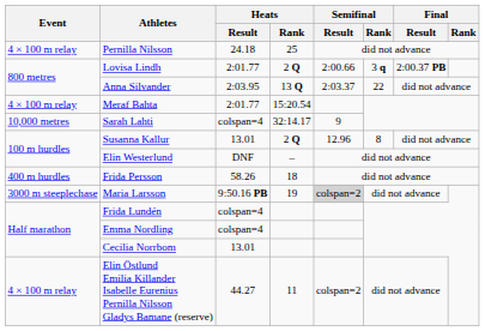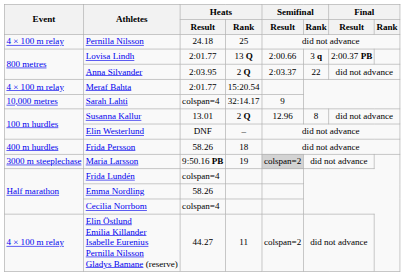 <table class="wikitable" border="1" style="font-size:90%">
 <tr>
 <th rowspan="2">Event</th>
 <th rowspan="2">Athletes</th>
 <th colspan="2">Heats</th>
 <th colspan="2">Semifinal</th>
 <th colspan="2">Final</th>
 </tr>
 <tr>
 <th>Result</th>
 <th>Rank</th>
 <th>Result</th>
 <th>Rank</th>
 <th>Result</th>
 <th>Rank</th>
 </tr>
 <tr>
 <td><a href='#'>4 × 100 m relay</a></td>
 <td><a href='#'>Pernilla Nilsson</a></td>
 <td align=center>24.18</td>
 <td align=center>25</td>
 <td align=center colspan=4>did not advance</td>
 </tr>
 <tr>
 <td rowspan=2><a href='#'>800 metres</a></td>
 <td><a href='#'>Lovisa Lindh</a></td>
 <td align=center>2:01.77</td>
-<td align=center>2 <strong>Q</strong></td>
+<td align=center>13 <strong>Q</strong></td>
 <td align=center>2:00.66</td>
 <td align=center>3 <strong>q</strong></td>
 <td align=center>2:00.37 <strong>PB</strong></td>
 <td align=center></td>
 </tr>
 <tr>
 <td><a href='#'>Anna Silvander</a></td>
 <td align=center>2:03.95</td>
-<td align=center>13 <strong>Q</strong></td>
+<td align=center>2 <strong>Q</strong></td>
 <td align=center>2:03.37</td>
 <td align=center>22</td>
 <td align=center colspan=2>did not advance</td>
 </tr>
 <tr>
 <td><a href='#'>4 × 100 m relay</a></td>
 <td><a href='#'>Meraf Bahta</a></td>
 <td align=center>2:01.77</td>
 <td align=center>15:20.54</td>
 <td align=center></td>
 </tr>
 <tr>
 <td><a href='#'>10,000 metres</a></td>
 <td><a href='#'>Sarah Lahti</a></td>
 <td>colspan=4 </td>
 <td align=center>32:14.17</td>
 <td align=center>9</td>
 </tr>
 <tr>
 <td rowspan=2><a href='#'>100 m hurdles</a></td>
 <td><a href='#'>Susanna Kallur</a></td>
 <td align=center>13.01</td>
 <td align=center>2 <strong>Q</strong></td>
 <td align=center>12.96</td>
 <td align=center>8</td>
 <td align=center colspan=2>did not advance</td>
 </tr>
 <tr>
 <td><a href='#'>Elin Westerlund</a></td>
 <td align=center>DNF</td>
 <td align=center>–</td>
 <td align=center colspan=4>did not advance</td>
 </tr>
 <tr>
 <td><a href='#'>400 m hurdles</a></td>
 <td><a href='#'>Frida Persson</a></td>
 <td align=center>58.26</td>
 <td align=center>18</td>
 <td align=center colspan=4>did not advance</td>
 </tr>
 <tr>
 <td><a href='#'>3000 m steeplechase</a></td>
 <td><a href='#'>Maria Larsson</a></td>
 <td align=center>9:50.16 <strong>PB</strong></td>
 <td align=center>19</td>
 <td style="background: lightgrey;">colspan=2 </td>
 <td align=center colspan=2>did not advance</td>
 </tr>
 <tr>
 <td rowspan=3><a href='#'>Half marathon</a></td>
 <td><a href='#'>Frida Lundén</a></td>
 <td>colspan=4 </td>
 <td align=center></td>
 <td align=center></td>
 </tr>
 <tr>
 <td><a href='#'>Emma Nordling</a></td>
-<td>colspan=4 </td>
+<td align=center>58.26</td>
 <td align=center></td>
 <td align=center></td>
 </tr>
 <tr>
 <td><a href='#'>Cecilia Norrbom</a></td>
-<td align=center>13.01</td>
+<td>colspan=4 </td>
 <td align=center></td>
 <td align=center></td>
 </tr>
 <tr>
 <td><a href='#'>4 × 100 m relay</a></td>
 <td><a href='#'>Elin Östlund</a><br><a href='#'>Emilia Killander</a><br><a href='#'>Isabelle Eurenius</a><br><a href='#'>Pernilla Nilsson</a><br><a href='#'>Gladys Bamane</a> (reserve)</td>
 <td align=center>44.27</td>
 <td align=center>11</td>
 <td>colspan=2 </td>
 <td align=center colspan=2>did not advance</td>
 </tr>
 </table>
